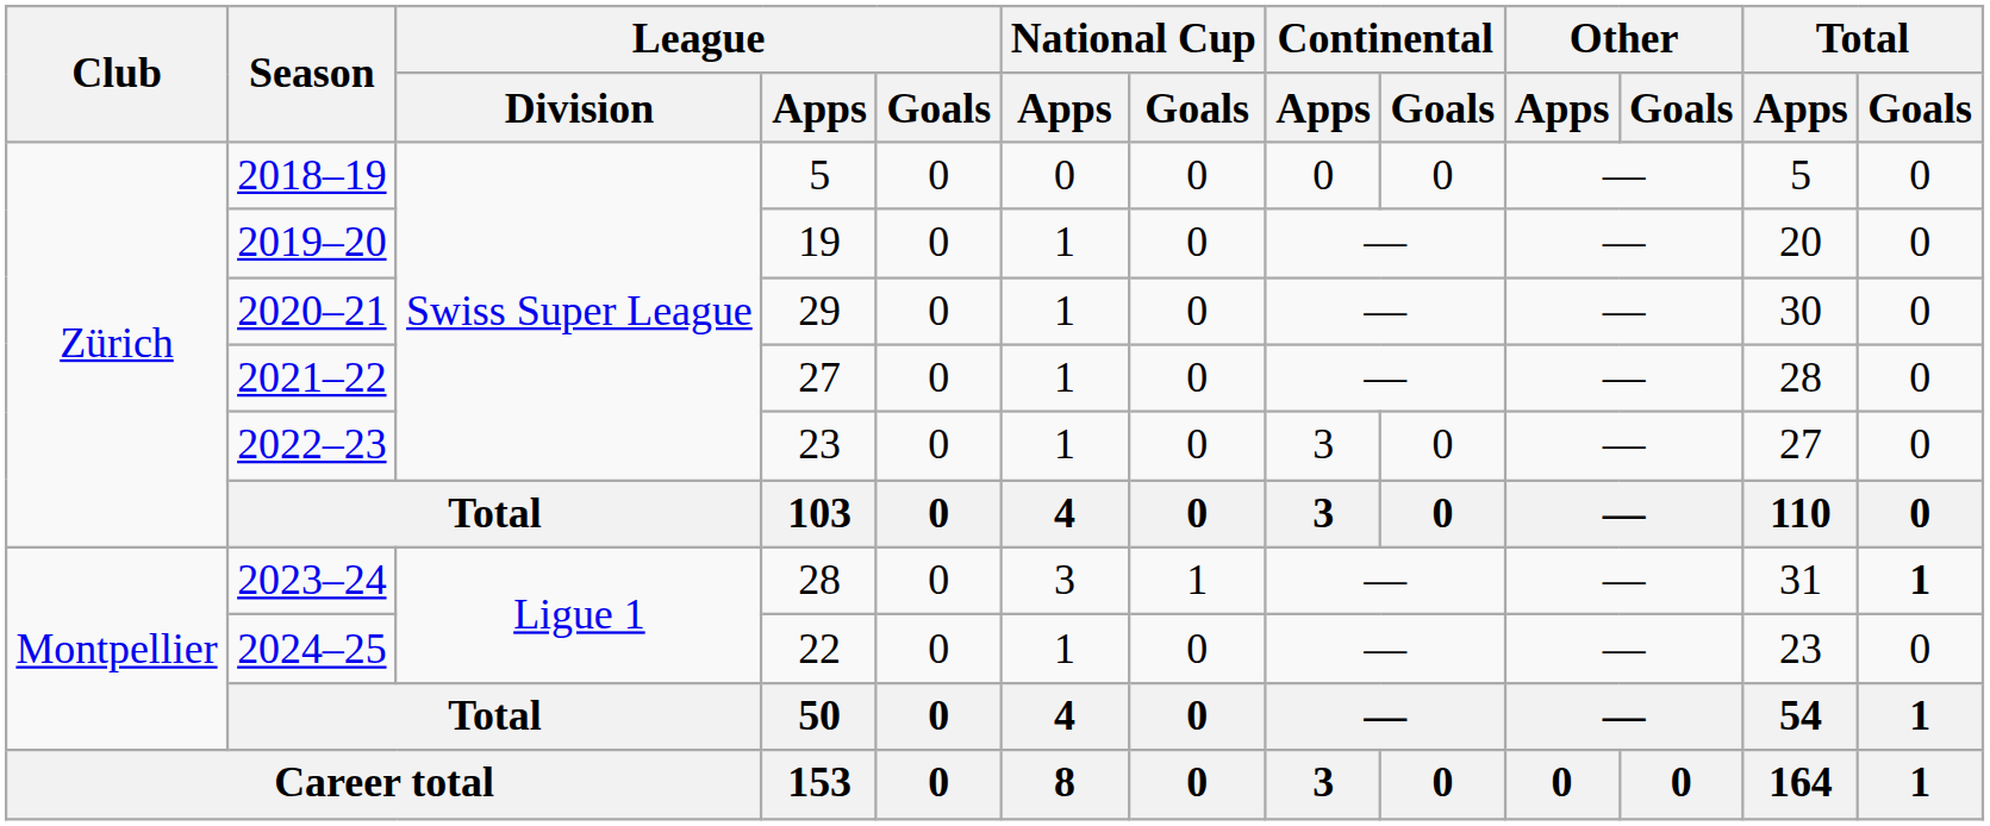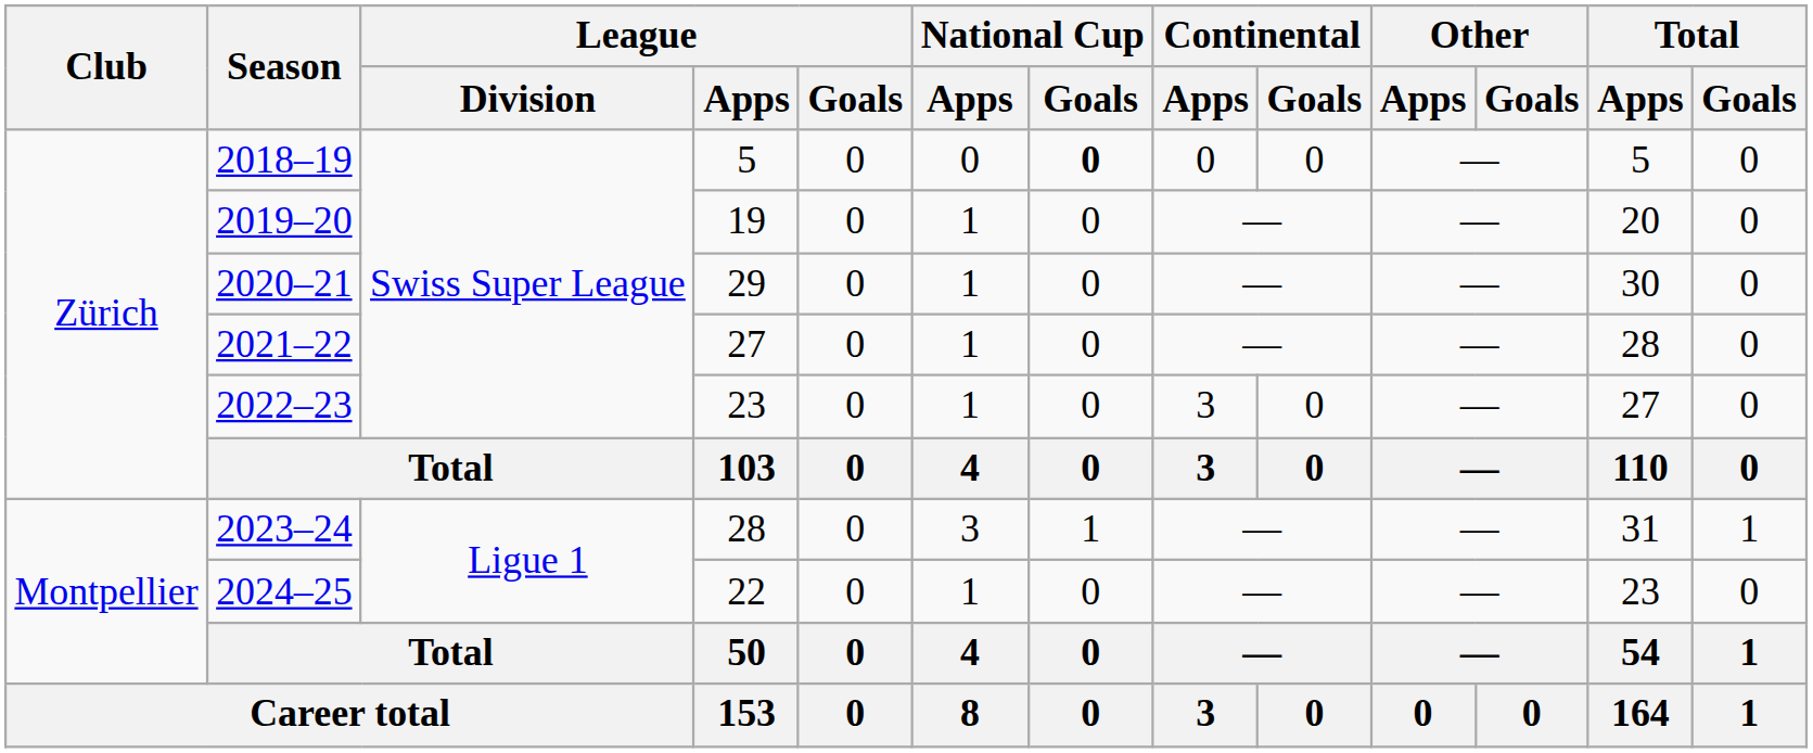 <table class="wikitable" style="text-align:center">
 <tr>
 <th rowspan="2">Club</th>
 <th rowspan="2">Season</th>
 <th colspan="3">League</th>
 <th colspan="2">National Cup</th>
 <th colspan="2">Continental</th>
 <th colspan="2">Other</th>
 <th colspan="2">Total</th>
 </tr>
 <tr>
 <th>Division</th>
 <th>Apps</th>
 <th>Goals</th>
 <th>Apps</th>
 <th>Goals</th>
 <th>Apps</th>
 <th>Goals</th>
 <th>Apps</th>
 <th>Goals</th>
 <th>Apps</th>
 <th>Goals</th>
 </tr>
 <tr>
 <td rowspan="6"><a href='#'>Zürich</a></td>
 <td><a href='#'>2018–19</a></td>
 <td rowspan="5"><a href='#'>Swiss Super League</a></td>
 <td>5</td>
 <td>0</td>
 <td>0</td>
-<td>0</td>
+<td><strong>0</strong></td>
 <td>0</td>
 <td>0</td>
 <td colspan="2">—</td>
 <td>5</td>
 <td>0</td>
 </tr>
 <tr>
 <td><a href='#'>2019–20</a></td>
 <td>19</td>
 <td>0</td>
 <td>1</td>
 <td>0</td>
 <td colspan="2">—</td>
 <td colspan="2">—</td>
 <td>20</td>
 <td>0</td>
 </tr>
 <tr>
 <td><a href='#'>2020–21</a></td>
 <td>29</td>
 <td>0</td>
 <td>1</td>
 <td>0</td>
 <td colspan="2">—</td>
 <td colspan="2">—</td>
 <td>30</td>
 <td>0</td>
 </tr>
 <tr>
 <td><a href='#'>2021–22</a></td>
 <td>27</td>
 <td>0</td>
 <td>1</td>
 <td>0</td>
 <td colspan="2">—</td>
 <td colspan="2">—</td>
 <td>28</td>
 <td>0</td>
 </tr>
 <tr>
 <td><a href='#'>2022–23</a></td>
 <td>23</td>
 <td>0</td>
 <td>1</td>
 <td>0</td>
 <td>3</td>
 <td>0</td>
 <td colspan="2">—</td>
 <td>27</td>
 <td>0</td>
 </tr>
 <tr>
 <th colspan="2">Total</th>
 <th>103</th>
 <th>0</th>
 <th>4</th>
 <th>0</th>
 <th>3</th>
 <th>0</th>
 <th colspan="2">—</th>
 <th>110</th>
 <th>0</th>
 </tr>
 <tr>
 <td rowspan="3"><a href='#'>Montpellier</a></td>
 <td><a href='#'>2023–24</a></td>
 <td rowspan="2"><a href='#'>Ligue 1</a></td>
 <td>28</td>
 <td>0</td>
 <td>3</td>
 <td>1</td>
 <td colspan="2">—</td>
 <td colspan="2">—</td>
 <td>31</td>
-<td><strong>1</strong></td>
+<td>1</td>
 </tr>
 <tr>
 <td><a href='#'>2024–25</a></td>
 <td>22</td>
 <td>0</td>
 <td>1</td>
 <td>0</td>
 <td colspan="2">—</td>
 <td colspan="2">—</td>
 <td>23</td>
 <td>0</td>
 </tr>
 <tr>
 <th colspan="2">Total</th>
 <th>50</th>
 <th>0</th>
 <th>4</th>
 <th>0</th>
 <th colspan="2">—</th>
 <th colspan="2">—</th>
 <th>54</th>
 <th>1</th>
 </tr>
 <tr>
 <th colspan="3">Career total</th>
 <th>153</th>
 <th>0</th>
 <th>8</th>
 <th>0</th>
 <th>3</th>
 <th>0</th>
 <th>0</th>
 <th>0</th>
 <th>164</th>
 <th>1</th>
 </tr>
 </table>
